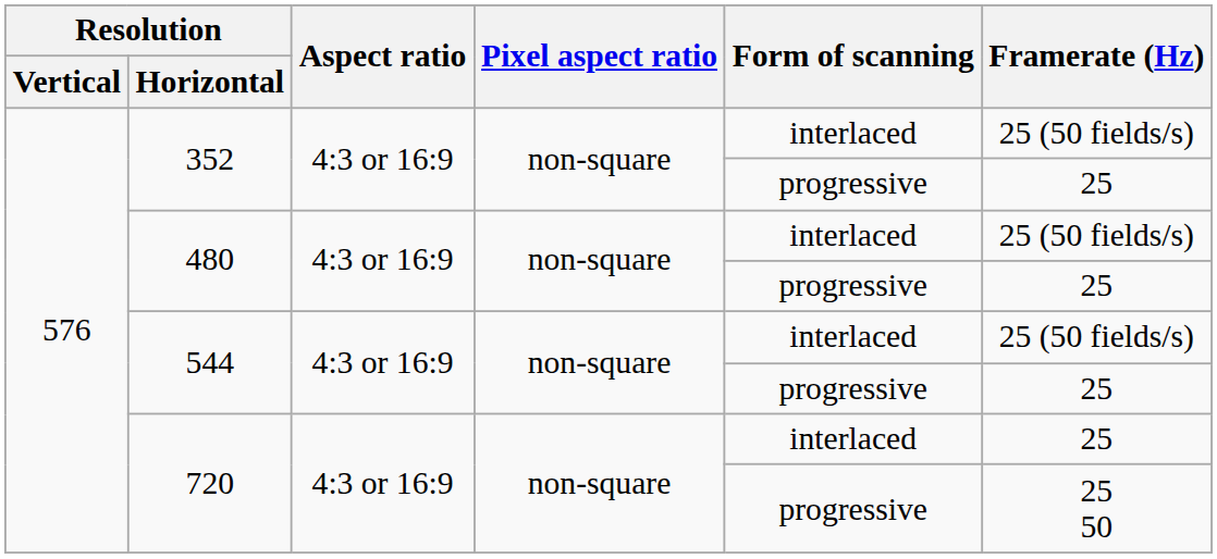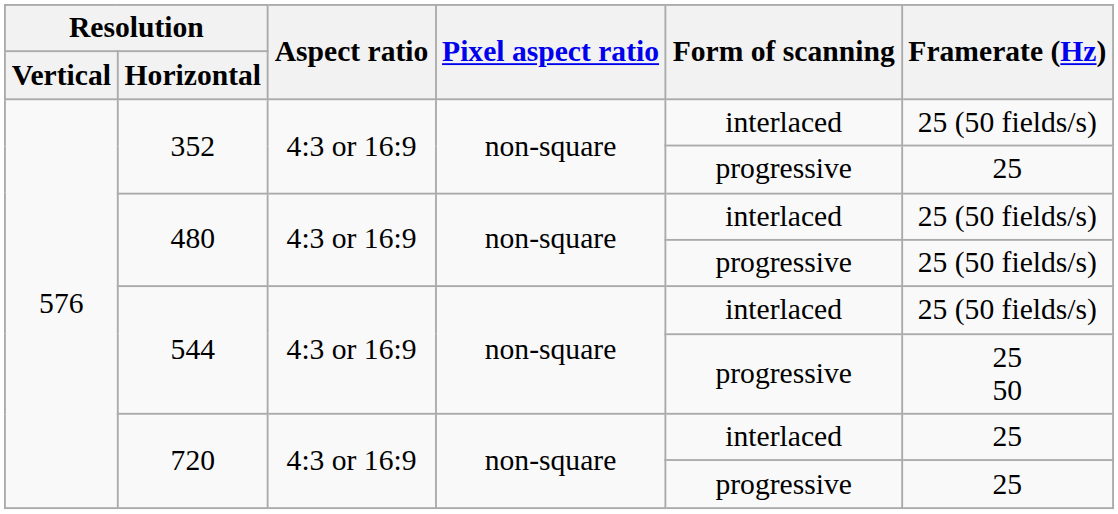 <table class="wikitable" style="text-align:center;">
 <tr style="background:#eee;">
 <th colspan="2">Resolution</th>
 <th rowspan="2">Aspect ratio</th>
 <th rowspan="2"><a href='#'>Pixel aspect ratio</a></th>
 <th rowspan="2">Form of scanning</th>
 <th rowspan="2">Framerate (<a href='#'>Hz</a>)</th>
 </tr>
 <tr style="background:#eee;">
 <th>Vertical</th>
 <th>Horizontal</th>
 </tr>
 <tr>
 <td rowspan="8">576</td>
 <td rowspan="2">352</td>
 <td rowspan="2">4:3 or 16:9</td>
 <td rowspan="2">non-square</td>
 <td>interlaced</td>
 <td>25 (50 fields/s)</td>
 </tr>
 <tr>
 <td>progressive</td>
 <td>25</td>
 </tr>
 <tr>
 <td rowspan="2">480</td>
 <td rowspan="2">4:3 or 16:9</td>
 <td rowspan="2">non-square</td>
 <td>interlaced</td>
 <td>25 (50 fields/s)</td>
 </tr>
 <tr>
 <td>progressive</td>
-<td>25</td>
+<td>25 (50 fields/s)</td>
 </tr>
 <tr>
 <td rowspan="2">544</td>
 <td rowspan="2">4:3 or 16:9</td>
 <td rowspan="2">non-square</td>
 <td>interlaced</td>
 <td>25 (50 fields/s)</td>
 </tr>
 <tr>
 <td>progressive</td>
-<td>25</td>
+<td>25<br>50</td>
 </tr>
 <tr>
 <td rowspan="2">720</td>
 <td rowspan="2">4:3 or 16:9</td>
 <td rowspan="2">non-square</td>
 <td>interlaced</td>
 <td>25</td>
 </tr>
 <tr>
 <td>progressive</td>
-<td>25<br>50</td>
+<td>25</td>
 </tr>
 </table>
